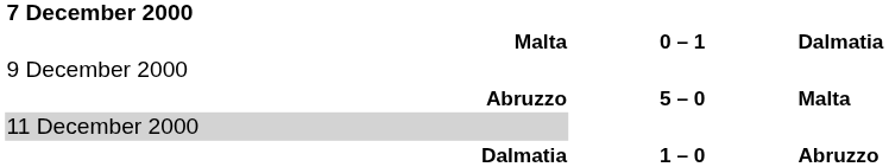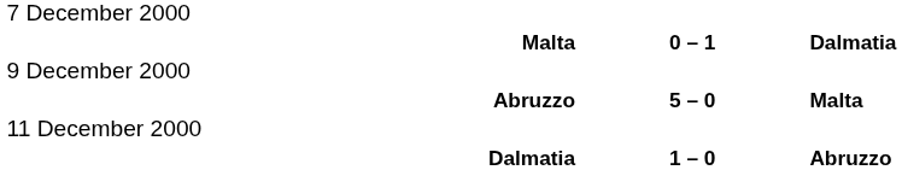 <table width=100% cellspacing=1>
 <tr>
 <th width=25%></th>
 <th width=10%></th>
 <th></th>
 </tr>
 <tr>
-<td><strong>7 December 2000</strong></td>
+<td>7 December 2000</td>
 </tr>
 <tr style=font-size:90%>
 <td align=right><strong>Malta</strong></td>
 <td align=center><strong>0 – 1</strong></td>
 <td><strong>Dalmatia</strong></td>
 </tr>
 <tr>
 <td>9 December 2000</td>
 </tr>
 <tr style=font-size:90%>
 <td align=right><strong>Abruzzo</strong></td>
 <td align=center><strong>5 – 0</strong></td>
 <td><strong>Malta</strong></td>
 </tr>
 <tr>
-<td style="background: lightgrey;">11 December 2000</td>
+<td>11 December 2000</td>
 </tr>
 <tr style=font-size:90%>
 <td align=right><strong>Dalmatia</strong></td>
 <td align=center><strong>1 – 0</strong></td>
 <td><strong>Abruzzo</strong></td>
 </tr>
 </table>
